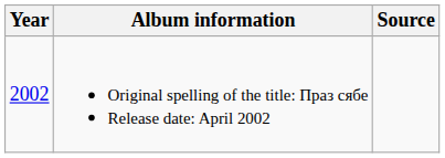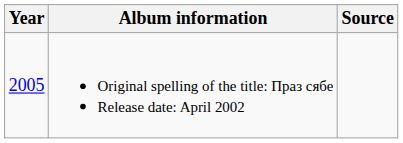 <table class="wikitable">
 <tr>
 <th>Year</th>
 <th>Album information</th>
 <th>Source</th>
 </tr>
 <tr>
-<td align="center"><a href='#'>2002</a></td>
+<td align="center"><a href='#'>2005</a></td>
 <td><strong><em></em></strong><br><ul><li><small>Original spelling of the title: Праз сябе</small></li><li><small>Release date: April 2002</small></li></ul></td>
 <td align="center"></td>
 </tr>
 </table>
